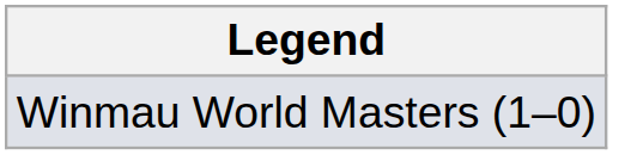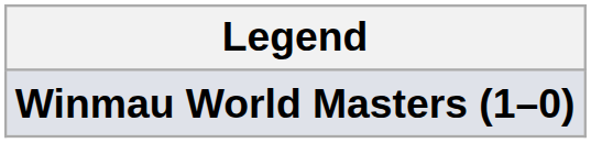 <table class="wikitable">
 <tr>
 <th>Legend</th>
 </tr>
 <tr style="background:#dfe2e9;">
-<td>Winmau World Masters (1–0)</td>
+<td><strong>Winmau World Masters (1–0)</strong></td>
 </tr>
 </table>
